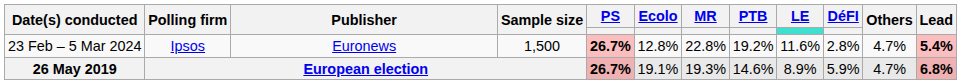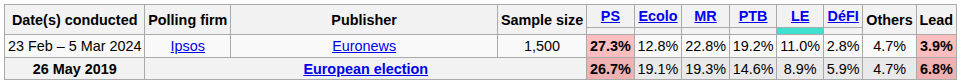 <table class="wikitable" style="text-align:center; font-size:90%; line-height:16px;">
 <tr style="background-color:#E9E9E9">
 <th rowspan="2" style="min-width: 66px">Date(s) conducted</th>
 <th rowspan="2">Polling firm</th>
 <th rowspan="2" style="min-width: 95px" width="260">Publisher</th>
 <th rowspan="2">Sample size</th>
 <th><a href='#'><span>PS</span></a><br></th>
 <th><a href='#'><span>Ecolo</span></a><br></th>
 <th><a href='#'><span>MR</span></a><br></th>
 <th><a href='#'><span>PTB</span></a><br></th>
 <th><a href='#'><span>LE</span></a><br></th>
 <th><a href='#'><span>DéFI</span></a><br></th>
 <th rowspan="2">Others</th>
 <th rowspan="2">Lead</th>
 </tr>
 <tr>
 <th class="unsortable" style="color:inherit;background:"></th>
 <th class="unsortable" style="color:inherit;background:"></th>
 <th class="unsortable" style="color:inherit;background:"></th>
 <th class="unsortable" style="color:inherit;background:"></th>
 <th class="unsortable" style="color:inherit;background:Turquoise; width:30px;"></th>
 <th class="unsortable" style="color:inherit;background:"></th>
 </tr>
 <tr>
 <td>23 Feb – 5 Mar 2024</td>
 <td><a href='#'>Ipsos</a></td>
 <td><a href='#'>Euronews</a></td>
 <td>1,500</td>
-<td style="background-color:#ff33334d"><strong>26.7%</strong><br></td>
+<td style="background-color:#ff33334d"><strong>27.3%</strong><br></td>
 <td>12.8%<br></td>
 <td>22.8%<br></td>
 <td>19.2%<br></td>
-<td>11.6%<br></td>
+<td>11.0%<br></td>
 <td>2.8%<br></td>
 <td>4.7%<br></td>
-<td style="background-color:#ff33334d"><strong>5.4%</strong></td>
+<td style="background-color:#ff33334d"><strong>3.9%</strong></td>
 </tr>
 <tr style="background-color:#E9E9E9">
 <th>26 May 2019</th>
 <th colspan="3"><a href='#'>European election</a></th>
 <td style="background-color:#ff33334d"><strong>26.7%<br></strong></td>
 <td>19.1%<br></td>
 <td>19.3%<br></td>
 <td>14.6%<br></td>
 <td>8.9%<br></td>
 <td>5.9%<br></td>
 <td>4.7%<br></td>
 <td style="background-color:#ff33334d"><strong>6.8%</strong></td>
 </tr>
 </table>
